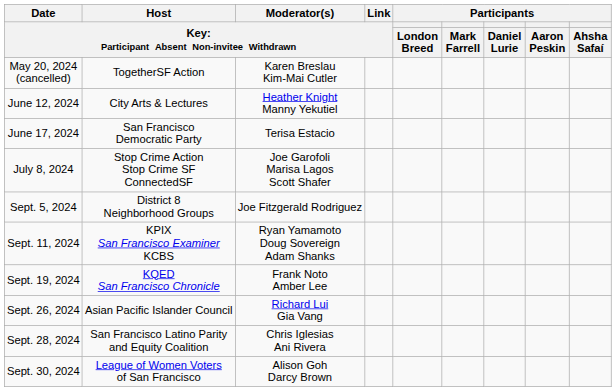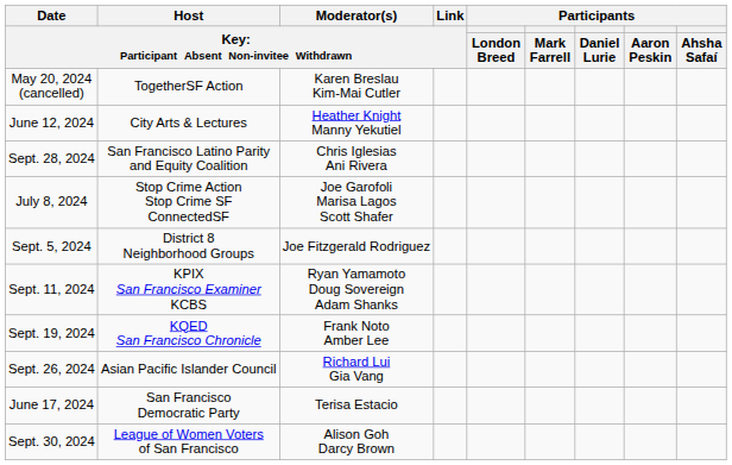 <table class="wikitable" style="text-align:center;">
 <tr>
 <th scope="col">Date</th>
 <th scope="col">Host</th>
 <th scope="col">Moderator(s)</th>
 <th scope="col">Link</th>
 <th colspan="5" scope="col">Participants</th>
 </tr>
 <tr>
 <th colspan="4" rowspan="2">Key:<br> <small>Participant </small>  <small>Absent </small>  <small>Non-invitee </small>  <small>Withdrawn</small></th>
 <th scope="col" style="background:"></th>
 <th scope="col" style="background:"></th>
 <th scope="col" style="background:"></th>
 <th scope="col" style="background:"></th>
 <th scope="col" style="background:"></th>
 </tr>
 <tr>
 <th scope="col">London Breed</th>
 <th scope="col">Mark Farrell</th>
 <th scope="col">Daniel Lurie</th>
 <th scope="col">Aaron Peskin</th>
 <th scope="col">Ahsha Safaí</th>
 </tr>
 <tr>
 <td style="white-space:nowrap;">May 20, 2024<br> (cancelled)</td>
 <td style="white-space:nowrap;">TogetherSF Action</td>
 <td style="white-space:nowrap;">Karen Breslau<br>Kim-Mai Cutler</td>
 <td style="white-space:nowrap;"></td>
 <td></td>
 <td></td>
 <td></td>
 <td></td>
 <td></td>
 </tr>
 <tr>
 <td style="white-space:nowrap;">June 12, 2024</td>
 <td style="white-space:nowrap;">City Arts & Lectures</td>
 <td style="white-space:nowrap;"><a href='#'>Heather Knight</a><br>Manny Yekutiel</td>
 <td style="white-space:nowrap;"></td>
 <td></td>
 <td></td>
 <td></td>
 <td></td>
 <td></td>
 </tr>
 <tr>
-<td style="white-space:nowrap;">June 17, 2024</td>
-<td style="white-space:nowrap;">San Francisco<br>Democratic Party</td>
-<td style="white-space:nowrap;">Terisa Estacio</td>
+<td style="white-space:nowrap;">Sept. 28, 2024</td>
+<td style="white-space:nowrap;">San Francisco Latino Parity<br>and Equity Coalition</td>
+<td style="white-space:nowrap;">Chris Iglesias<br> Ani Rivera</td>
 <td style="white-space:nowrap;"></td>
 <td></td>
 <td></td>
 <td></td>
 <td></td>
 <td></td>
 </tr>
 <tr>
 <td style="white-space:nowrap;">July 8, 2024</td>
 <td style="white-space:nowrap;">Stop Crime Action<br>Stop Crime SF<br>ConnectedSF</td>
 <td style="white-space:nowrap;">Joe Garofoli<br>Marisa Lagos<br>Scott Shafer</td>
 <td style="white-space:nowrap;"></td>
 <td></td>
 <td></td>
 <td></td>
 <td></td>
 <td></td>
 </tr>
 <tr>
 <td style="white-space:nowrap;">Sept. 5, 2024</td>
 <td style="white-space:nowrap;">District 8<br>Neighborhood Groups</td>
 <td style="white-space:nowrap;">Joe Fitzgerald Rodriguez</td>
 <td style="white-space:nowrap;"></td>
 <td></td>
 <td></td>
 <td></td>
 <td></td>
 <td></td>
 </tr>
 <tr>
 <td style="white-space:nowrap;">Sept. 11, 2024</td>
 <td style="white-space:nowrap;">KPIX<br><em><a href='#'>San Francisco Examiner</a></em><br>KCBS</td>
 <td style="white-space:nowrap;">Ryan Yamamoto<br>Doug Sovereign<br>Adam Shanks</td>
 <td style="white-space:nowrap;"></td>
 <td></td>
 <td></td>
 <td></td>
 <td></td>
 <td></td>
 </tr>
 <tr>
 <td style="white-space:nowrap;">Sept. 19, 2024</td>
 <td style="white-space:nowrap;"><a href='#'>KQED</a><br><em><a href='#'>San Francisco Chronicle</a></em></td>
 <td style="white-space:nowrap;">Frank Noto<br>Amber Lee</td>
 <td style="white-space:nowrap;"></td>
 <td></td>
 <td></td>
 <td></td>
 <td></td>
 <td></td>
 </tr>
 <tr>
 <td style="white-space:nowrap;">Sept. 26, 2024</td>
 <td style="white-space:nowrap;">Asian Pacific Islander Council</td>
 <td style="white-space:nowrap;"><a href='#'>Richard Lui</a><br>Gia Vang</td>
 <td style="white-space:nowrap;"></td>
 <td></td>
 <td></td>
 <td></td>
 <td></td>
 <td></td>
 </tr>
 <tr>
-<td style="white-space:nowrap;">Sept. 28, 2024</td>
-<td style="white-space:nowrap;">San Francisco Latino Parity<br>and Equity Coalition</td>
-<td style="white-space:nowrap;">Chris Iglesias<br> Ani Rivera</td>
+<td style="white-space:nowrap;">June 17, 2024</td>
+<td style="white-space:nowrap;">San Francisco<br>Democratic Party</td>
+<td style="white-space:nowrap;">Terisa Estacio</td>
 <td style="white-space:nowrap;"></td>
 <td></td>
 <td></td>
 <td></td>
 <td></td>
 <td></td>
 </tr>
 <tr>
 <td style="white-space:nowrap;">Sept. 30, 2024</td>
 <td style="white-space:nowrap;"><a href='#'>League of Women Voters</a><br>of San Francisco</td>
 <td style="white-space:nowrap;">Alison Goh<br>Darcy Brown</td>
 <td style="white-space:nowrap;"></td>
 <td></td>
 <td></td>
 <td></td>
 <td></td>
 <td></td>
 </tr>
 </table>
